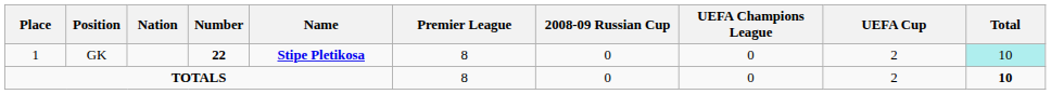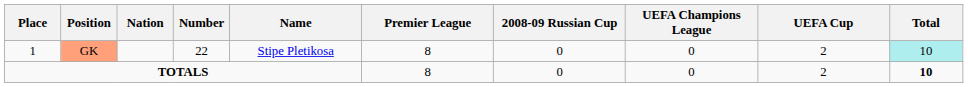 <table class="wikitable" style="font-size: 95%; text-align: center;">
 <tr>
 <th width=60>Place</th>
 <th width=60>Position</th>
 <th width=60>Nation</th>
 <th width=60>Number</th>
 <th width=150>Name</th>
 <th width=150>Premier League</th>
 <th width=150>2008-09 Russian Cup</th>
 <th width=150>UEFA Champions League</th>
 <th width=150>UEFA Cup</th>
 <th width=80>Total</th>
 </tr>
 <tr>
 <td>1</td>
-<td>GK</td>
+<td style="background: lightsalmon;">GK</td>
 <td></td>
-<td><strong>22</strong></td>
-<td><strong><a href='#'>Stipe Pletikosa</a></strong></td>
+<td>22</td>
+<td><a href='#'>Stipe Pletikosa</a></td>
 <td>8</td>
 <td>0</td>
 <td>0</td>
 <td>2</td>
 <td style="background: paleturquoise;">10</td>
 </tr>
 <tr>
 <td colspan="5"><strong>TOTALS</strong></td>
 <td>8</td>
 <td>0</td>
 <td>0</td>
 <td>2</td>
 <td><strong>10</strong></td>
 </tr>
 </table>
